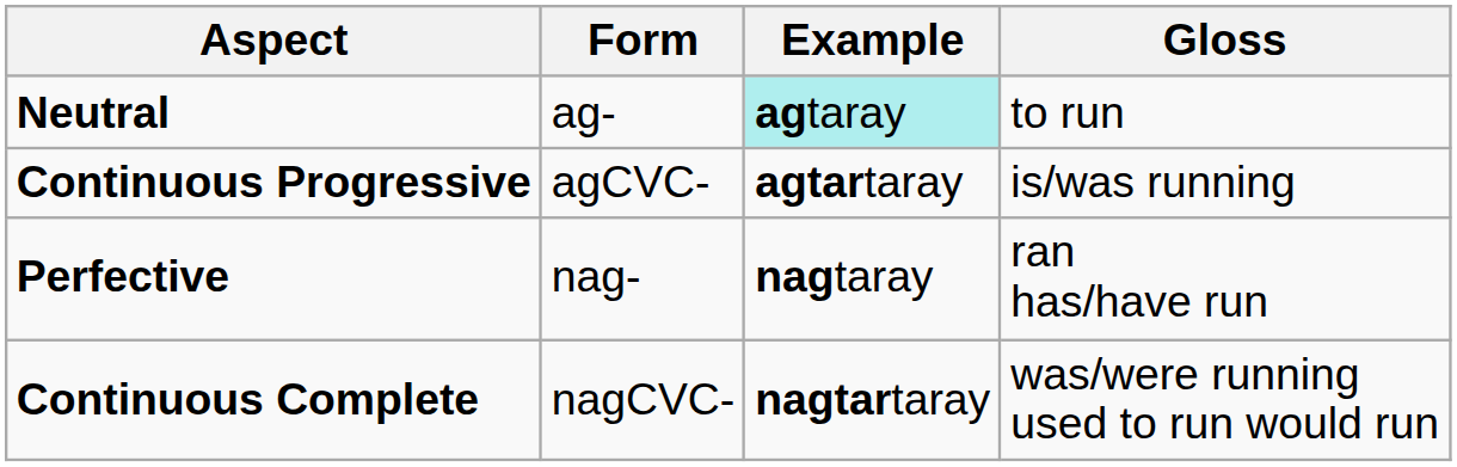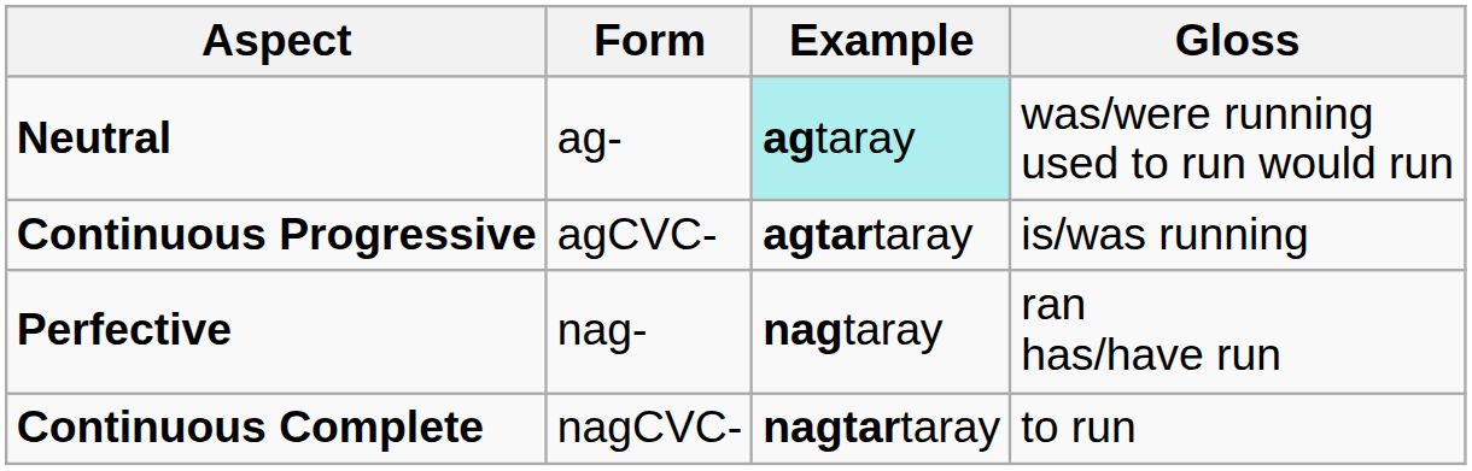 <table class="wikitable" align="center">
 <tr>
 <th>Aspect</th>
 <th>Form</th>
 <th>Example</th>
 <th>Gloss</th>
 </tr>
 <tr>
 <td><strong>Neutral</strong></td>
 <td>ag-</td>
 <td style="background: paleturquoise;"><strong>ag</strong>taray</td>
-<td>to run</td>
+<td>was/were running<br>used to run would run</td>
 </tr>
 <tr>
 <td><strong>Continuous Progressive</strong></td>
 <td>agCVC-</td>
 <td><strong>agtar</strong>taray</td>
 <td>is/was running</td>
 </tr>
 <tr>
 <td><strong>Perfective</strong></td>
 <td>nag-</td>
 <td><strong>nag</strong>taray</td>
 <td>ran<br>has/have run</td>
 </tr>
 <tr>
 <td><strong>Continuous Complete</strong></td>
 <td>nagCVC-</td>
 <td><strong>nagtar</strong>taray</td>
-<td>was/were running<br>used to run would run</td>
+<td>to run</td>
 </tr>
 </table>
